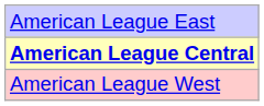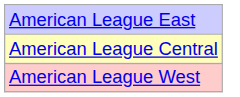 <table class="wikitable" style="font-size:90%">
 <tr>
 <td bgcolor="#ccccff"><a href='#'>American League East</a></td>
 </tr>
 <tr>
-<td bgcolor="#ffffbb"><strong><a href='#'>American League Central</a></strong></td>
+<td bgcolor="#ffffbb"><a href='#'>American League Central</a></td>
 </tr>
 <tr>
 <td bgcolor="#ffcccc"><a href='#'>American League West</a></td>
 </tr>
 </table>
